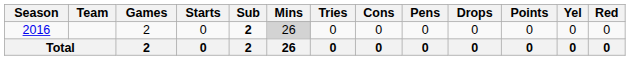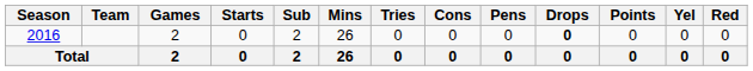 <table class="wikitable" style="text-align:center; line-height:90%; font-size:95%; width:60%;">
 <tr>
 <th>Season</th>
 <th>Team</th>
 <th>Games</th>
 <th>Starts</th>
 <th>Sub</th>
 <th>Mins</th>
 <th>Tries</th>
 <th>Cons</th>
 <th>Pens</th>
 <th>Drops</th>
 <th>Points</th>
 <th>Yel</th>
 <th>Red</th>
 </tr>
 <tr>
 <td><a href='#'>2016</a></td>
 <td></td>
 <td>2</td>
 <td>0</td>
-<td><strong>2</strong></td>
-<td style="background: lightgrey;">26</td>
+<td>2</td>
+<td>26</td>
 <td>0</td>
 <td>0</td>
 <td>0</td>
-<td>0</td>
+<td><strong>0</strong></td>
 <td>0</td>
 <td>0</td>
 <td>0</td>
 </tr>
 <tr>
 <th colspan="2">Total</th>
 <th>2</th>
 <th>0</th>
 <th>2</th>
 <th>26</th>
 <th>0</th>
 <th>0</th>
 <th>0</th>
 <th>0</th>
 <th>0</th>
 <th>0</th>
 <th>0</th>
 </tr>
 </table>
